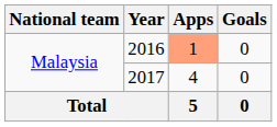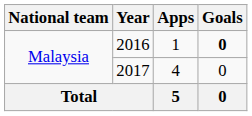 <table class=wikitable style="text-align: center;">
 <tr>
 <th>National team</th>
 <th>Year</th>
 <th>Apps</th>
 <th>Goals</th>
 </tr>
 <tr>
 <td rowspan=2><a href='#'>Malaysia</a></td>
 <td>2016</td>
-<td style="background: lightsalmon;">1</td>
-<td>0</td>
+<td>1</td>
+<td><strong>0</strong></td>
 </tr>
 <tr>
 <td>2017</td>
 <td>4</td>
 <td>0</td>
 </tr>
 <tr>
 <th colspan=2>Total</th>
 <th>5</th>
 <th>0</th>
 </tr>
 </table>
